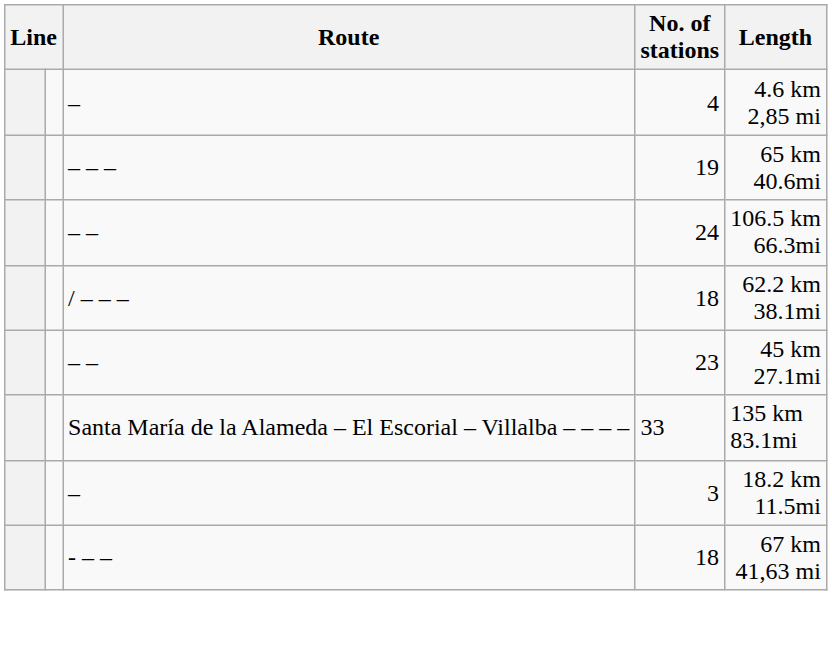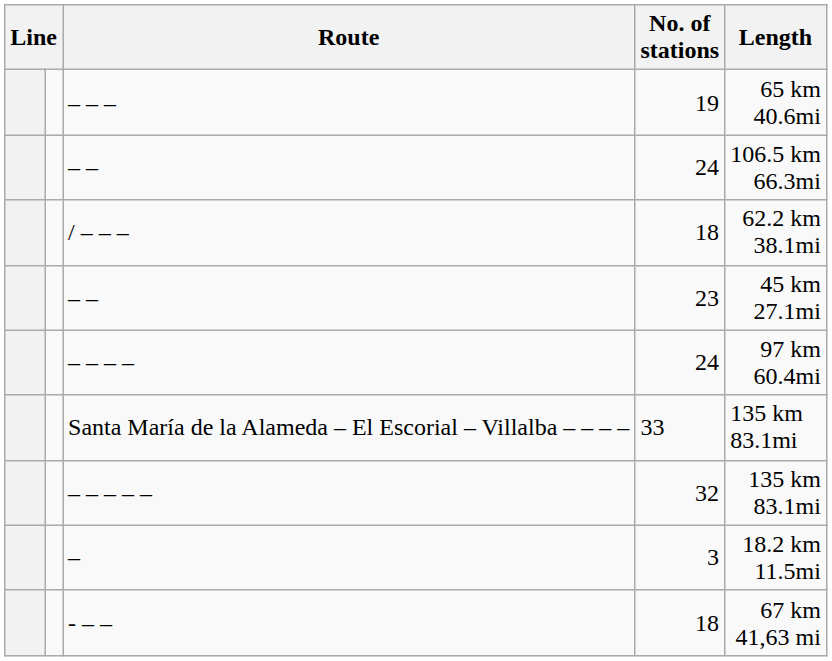 <table class="sortable wikitable">
 <tr>
 <th colspan="2">Line</th>
 <th class="unsortable">Route</th>
 <th data-sort-type="number">No. of<br>stations</th>
 <th data-sort-type="number">Length</th>
-</tr>
-<tr>
-<th></th>
-<td width=4px style="background-color:#"></td>
-<td> – </td>
-<td style="text-align:right;">4</td>
-<td style="text-align:right;">4.6 km<br>2,85 mi</td>
 </tr>
 <tr>
 <th></th>
 <td width=4px style="background-color:#"></td>
 <td> –  –  – </td>
 <td style="text-align:right;">19</td>
 <td style="text-align:right;">65 km<br>40.6mi</td>
 </tr>
 <tr>
 <th></th>
 <td width=4px style="background-color:#"></td>
 <td> –  – </td>
 <td style="text-align:right;">24</td>
 <td style="text-align:right;">106.5 km<br>66.3mi</td>
 </tr>
 <tr>
 <th></th>
 <td width="4px" style="background-color:#"></td>
 <td>/ –  –  – </td>
 <td style="text-align:right;">18</td>
 <td style="text-align:right;">62.2 km<br>38.1mi</td>
 </tr>
 <tr>
 <th></th>
 <td width="4px" style="background-color:#"></td>
 <td> –  – </td>
 <td style="text-align:right;">23</td>
 <td style="text-align:right;">45 km<br>27.1mi</td>
 </tr>
 <tr>
 <th></th>
+<td width="4px" style="background-color:#"></td>
+<td> –  –  –  – </td>
+<td style="text-align:right;">24</td>
+<td style="text-align:right;">97 km<br>60.4mi</td>
+</tr>
+<tr>
+<th></th>
 <td></td>
 <td>Santa María de la Alameda – El Escorial – Villalba –  –  –  – </td>
 <td>33</td>
 <td>135 km<br>   83.1mi</td>
+</tr>
+<tr>
+<th></th>
+<td width=4px style="background-color:#"></td>
+<td> –  –  –  –  – </td>
+<td style="text-align:right;">32</td>
+<td style="text-align:right;">135 km<br>83.1mi</td>
 </tr>
 <tr>
 <th></th>
 <td width=4px style="background-color:#"></td>
 <td> – </td>
 <td style="text-align:right;">3</td>
 <td style="text-align:right;">18.2 km<br>11.5mi</td>
 </tr>
 <tr>
 <th></th>
 <td width=4px style="background-color:#"></td>
 <td> -  –  – </td>
 <td style="text-align:right;">18</td>
 <td style="text-align:right;">67 km<br>41,63 mi</td>
 </tr>
 </table>
